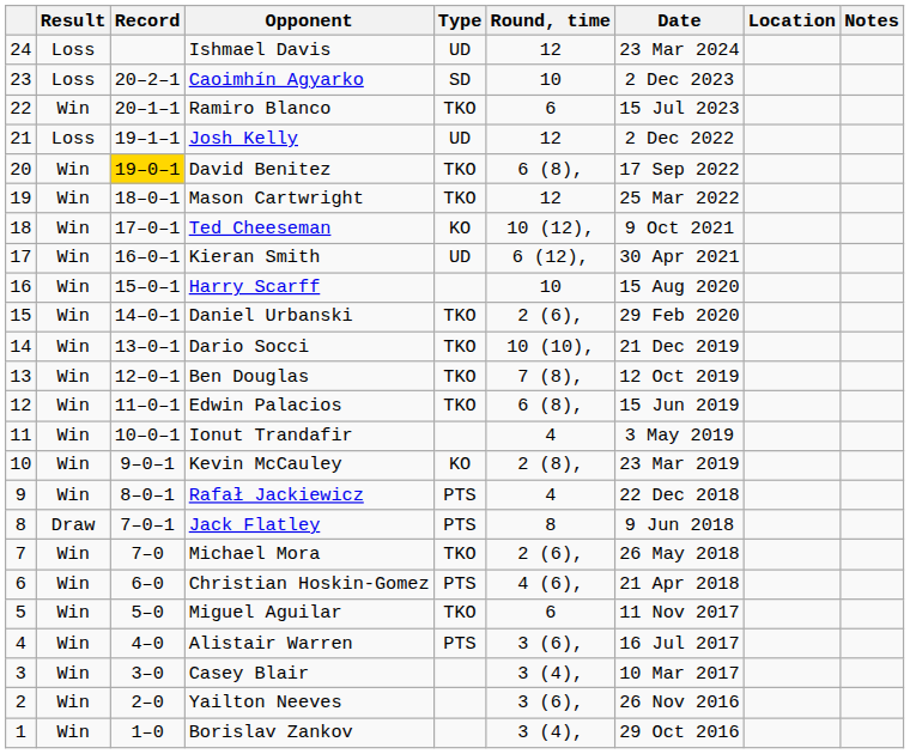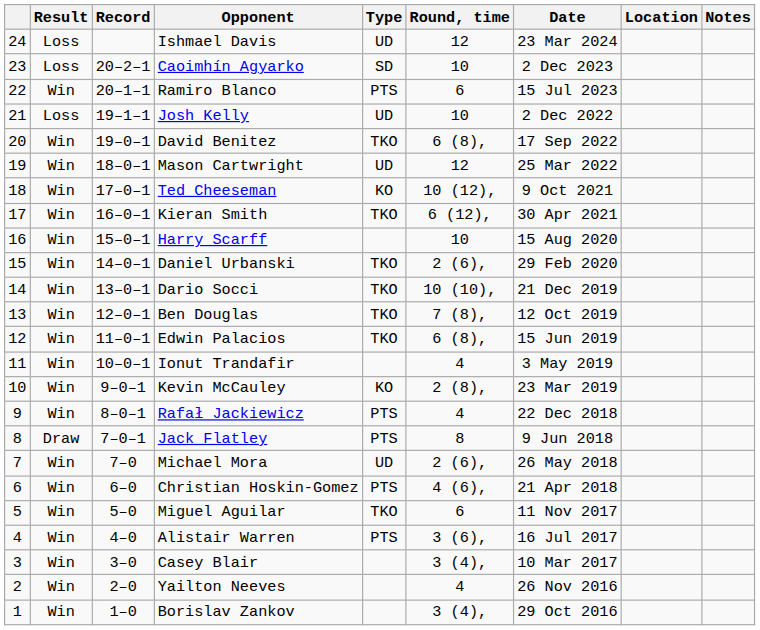 <table class="wikitable" style="text-align:center">
 <tr>
 <th></th>
 <th>Result</th>
 <th>Record</th>
 <th>Opponent</th>
 <th>Type</th>
 <th>Round, time</th>
 <th>Date</th>
 <th>Location</th>
 <th>Notes</th>
 </tr>
 <tr>
 <td>24</td>
 <td>Loss</td>
 <td></td>
 <td style="text-align:left;">Ishmael Davis</td>
 <td>UD</td>
 <td>12</td>
 <td>23 Mar 2024</td>
 <td style="text-align:left;"></td>
 <td></td>
 </tr>
 <tr>
 <td>23</td>
 <td>Loss</td>
 <td>20–2–1</td>
 <td style="text-align:left;"><a href='#'>Caoimhín Agyarko</a></td>
 <td>SD</td>
 <td>10</td>
 <td>2 Dec 2023</td>
 <td style="text-align:left;"></td>
 <td align=left></td>
 </tr>
 <tr>
 <td>22</td>
 <td>Win</td>
 <td>20–1–1</td>
 <td style="text-align:left;">Ramiro Blanco</td>
-<td>TKO</td>
+<td>PTS</td>
 <td>6</td>
 <td>15 Jul 2023</td>
 <td style="text-align:left;"></td>
 <td></td>
 </tr>
 <tr>
 <td>21</td>
 <td>Loss</td>
 <td>19–1–1</td>
 <td style="text-align:left;"><a href='#'>Josh Kelly</a></td>
 <td>UD</td>
-<td>12</td>
+<td>10</td>
 <td>2 Dec 2022</td>
 <td style="text-align:left;"></td>
 <td style="text-align:left;"></td>
 </tr>
 <tr>
 <td>20</td>
 <td>Win</td>
-<td style="background: gold;">19–0–1</td>
+<td>19–0–1</td>
 <td style="text-align:left;">David Benitez</td>
 <td>TKO</td>
 <td>6 (8), </td>
 <td>17 Sep 2022</td>
 <td style="text-align:left;"></td>
 <td></td>
 </tr>
 <tr>
 <td>19</td>
 <td>Win</td>
 <td>18–0–1</td>
 <td style="text-align:left;">Mason Cartwright</td>
-<td>TKO</td>
+<td>UD</td>
 <td>12</td>
 <td>25 Mar 2022</td>
 <td style="text-align:left;"></td>
 <td style="text-align:left;"></td>
 </tr>
 <tr>
 <td>18</td>
 <td>Win</td>
 <td>17–0–1</td>
 <td style="text-align:left;"><a href='#'>Ted Cheeseman</a></td>
 <td>KO</td>
 <td>10 (12), </td>
 <td>9 Oct 2021</td>
 <td style="text-align:left;"></td>
 <td style="text-align:left;"></td>
 </tr>
 <tr>
 <td>17</td>
 <td>Win</td>
 <td>16–0–1</td>
 <td style="text-align:left;">Kieran Smith</td>
-<td>UD</td>
+<td>TKO</td>
 <td>6 (12), </td>
 <td>30 Apr 2021</td>
 <td style="text-align:left;"></td>
 <td></td>
 </tr>
 <tr>
 <td>16</td>
 <td>Win</td>
 <td>15–0–1</td>
 <td style="text-align:left;"><a href='#'>Harry Scarff</a></td>
 <td></td>
 <td>10</td>
 <td>15 Aug 2020</td>
 <td style="text-align:left;"></td>
 <td align=left></td>
 </tr>
 <tr>
 <td>15</td>
 <td>Win</td>
 <td>14–0–1</td>
 <td style="text-align:left;">Daniel Urbanski</td>
 <td>TKO</td>
 <td>2 (6), </td>
 <td>29 Feb 2020</td>
 <td style="text-align:left;"></td>
 <td></td>
 </tr>
 <tr>
 <td>14</td>
 <td>Win</td>
 <td>13–0–1</td>
 <td style="text-align:left;">Dario Socci</td>
 <td>TKO</td>
 <td>10 (10), </td>
 <td>21 Dec 2019</td>
 <td style="text-align:left;"></td>
 <td align=left></td>
 </tr>
 <tr>
 <td>13</td>
 <td>Win</td>
 <td>12–0–1</td>
 <td style="text-align:left;">Ben Douglas</td>
 <td>TKO</td>
 <td>7 (8), </td>
 <td>12 Oct 2019</td>
 <td style="text-align:left;"></td>
 <td></td>
 </tr>
 <tr>
 <td>12</td>
 <td>Win</td>
 <td>11–0–1</td>
 <td style="text-align:left;">Edwin Palacios</td>
 <td>TKO</td>
 <td>6 (8), </td>
 <td>15 Jun 2019</td>
 <td style="text-align:left;"></td>
 <td></td>
 </tr>
 <tr>
 <td>11</td>
 <td>Win</td>
 <td>10–0–1</td>
 <td style="text-align:left;">Ionut Trandafir</td>
 <td></td>
 <td>4</td>
 <td>3 May 2019</td>
 <td style="text-align:left;"></td>
 <td></td>
 </tr>
 <tr>
 <td>10</td>
 <td>Win</td>
 <td>9–0–1</td>
 <td style="text-align:left;">Kevin McCauley</td>
 <td>KO</td>
 <td>2 (8), </td>
 <td>23 Mar 2019</td>
 <td style="text-align:left;"></td>
 <td></td>
 </tr>
 <tr>
 <td>9</td>
 <td>Win</td>
 <td>8–0–1</td>
 <td style="text-align:left;"><a href='#'>Rafał Jackiewicz</a></td>
 <td>PTS</td>
 <td>4</td>
 <td>22 Dec 2018</td>
 <td style="text-align:left;"></td>
 <td></td>
 </tr>
 <tr>
 <td>8</td>
 <td>Draw</td>
 <td>7–0–1</td>
 <td style="text-align:left;"><a href='#'>Jack Flatley</a></td>
 <td>PTS</td>
 <td>8</td>
 <td>9 Jun 2018</td>
 <td style="text-align:left;"></td>
 <td></td>
 </tr>
 <tr>
 <td>7</td>
 <td>Win</td>
 <td>7–0</td>
 <td style="text-align:left;">Michael Mora</td>
-<td>TKO</td>
+<td>UD</td>
 <td>2 (6), </td>
 <td>26 May 2018</td>
 <td style="text-align:left;"></td>
 <td></td>
 </tr>
 <tr>
 <td>6</td>
 <td>Win</td>
 <td>6–0</td>
 <td style="text-align:left;">Christian Hoskin-Gomez</td>
 <td>PTS</td>
 <td>4 (6), </td>
 <td>21 Apr 2018</td>
 <td style="text-align:left;"></td>
 <td></td>
 </tr>
 <tr>
 <td>5</td>
 <td>Win</td>
 <td>5–0</td>
 <td style="text-align:left;">Miguel Aguilar</td>
 <td>TKO</td>
 <td>6</td>
 <td>11 Nov 2017</td>
 <td style="text-align:left;"></td>
 <td></td>
 </tr>
 <tr>
 <td>4</td>
 <td>Win</td>
 <td>4–0</td>
 <td style="text-align:left;">Alistair Warren</td>
 <td>PTS</td>
 <td>3 (6), </td>
 <td>16 Jul 2017</td>
 <td style="text-align:left;"></td>
 <td></td>
 </tr>
 <tr>
 <td>3</td>
 <td>Win</td>
 <td>3–0</td>
 <td style="text-align:left;">Casey Blair</td>
 <td></td>
 <td>3 (4), </td>
 <td>10 Mar 2017</td>
 <td style="text-align:left;"></td>
 <td></td>
 </tr>
 <tr>
 <td>2</td>
 <td>Win</td>
 <td>2–0</td>
 <td style="text-align:left;">Yailton Neeves</td>
 <td></td>
-<td>3 (6), </td>
+<td>4</td>
 <td>26 Nov 2016</td>
 <td style="text-align:left;"></td>
 <td></td>
 </tr>
 <tr>
 <td>1</td>
 <td>Win</td>
 <td>1–0</td>
 <td style="text-align:left;">Borislav Zankov</td>
 <td></td>
 <td>3 (4), </td>
 <td>29 Oct 2016</td>
 <td style="text-align:left;"></td>
 <td></td>
 </tr>
 </table>
